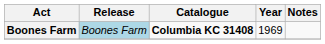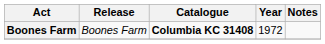 <table class="wikitable plainrowheaders sortable">
 <tr>
 <th scope="col" class="unsortable">Act</th>
 <th scope="col">Release</th>
 <th scope="col">Catalogue</th>
 <th scope="col">Year</th>
 <th scope="col" class="unsortable">Notes</th>
 </tr>
 <tr>
 <th scope="row">Boones Farm</th>
-<td style="background: lightblue;"><em>Boones Farm</em></td>
+<td><em>Boones Farm</em></td>
 <td><strong>Columbia KC 31408</strong></td>
-<td>1969</td>
+<td>1972</td>
 <td></td>
 </tr>
 <tr>
 </tr>
 </table>
